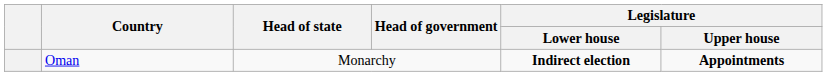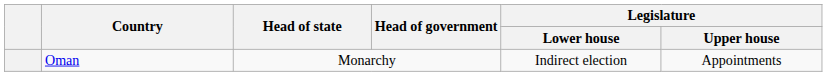 <table class="wikitable" style="text-align:center">
 <tr>
 <th width=35 rowspan=2></th>
 <th width=210 rowspan=2>Country</th>
 <th width=150 rowspan=2>Head of state</th>
 <th rowspan="2">Head of government</th>
 <th colspan=2>Legislature</th>
 </tr>
 <tr>
 <th width=175>Lower house</th>
 <th width=175>Upper house</th>
 </tr>
 <tr>
 <th></th>
 <td style="text-align:left"><a href='#'>Oman</a></td>
 <td colspan="2">Monarchy</td>
-<td><strong>Indirect election</strong></td>
-<td><strong>Appointments</strong></td>
+<td>Indirect election</td>
+<td>Appointments</td>
 </tr>
 </table>
